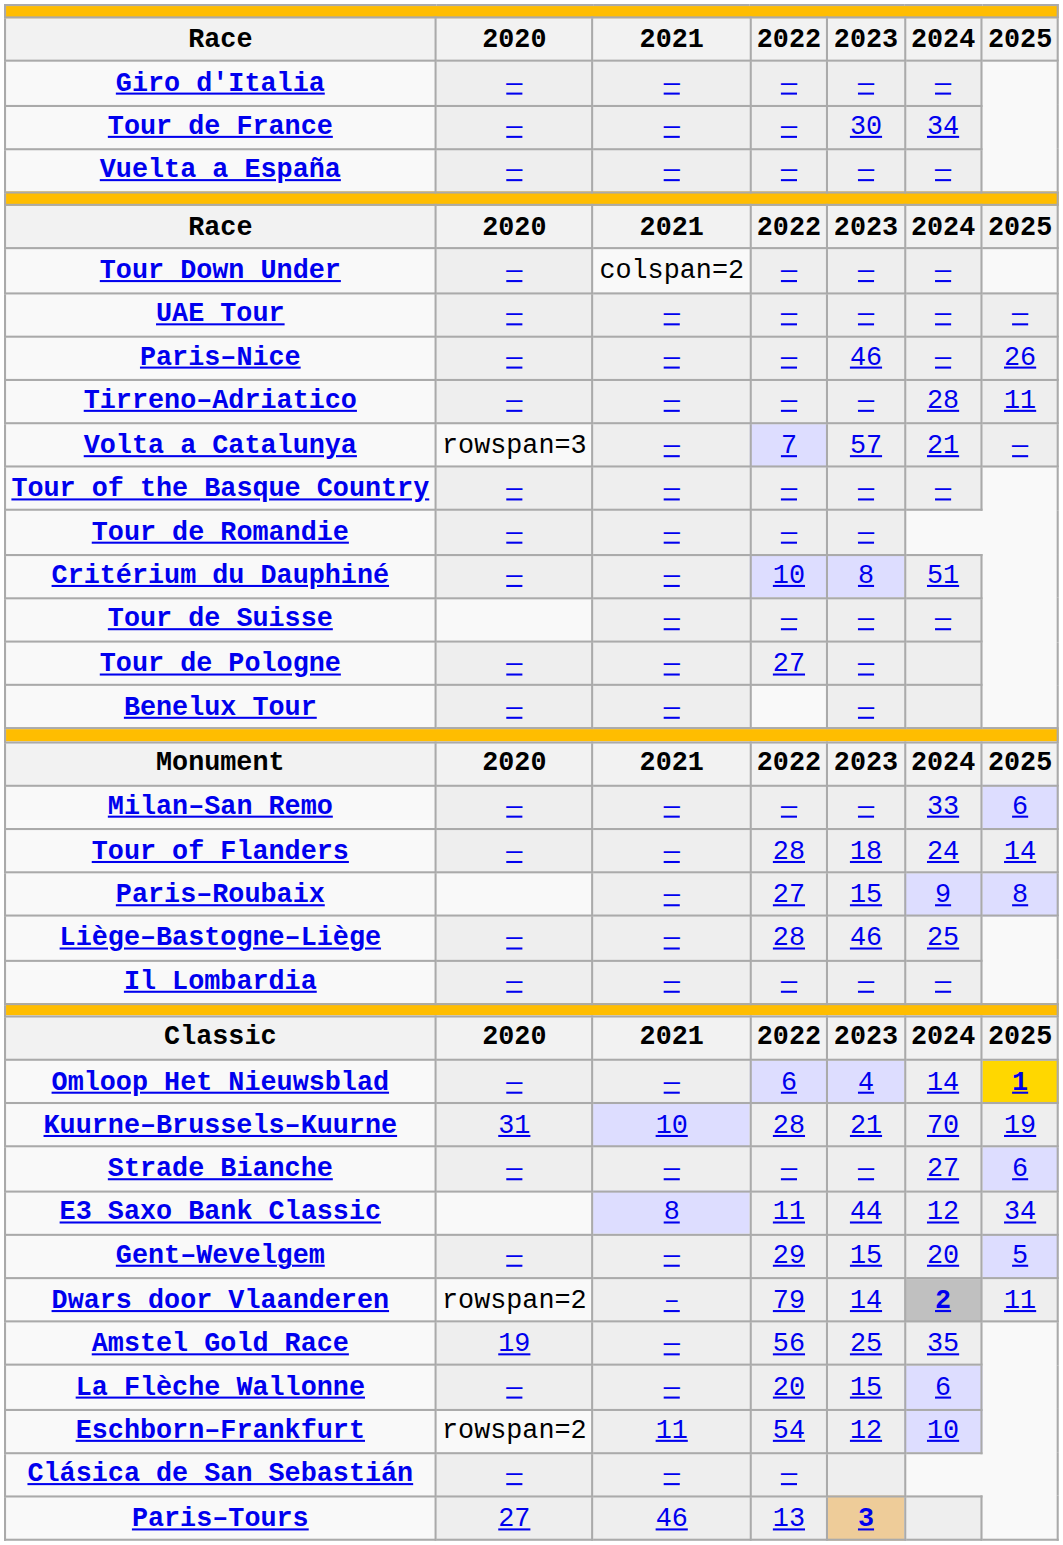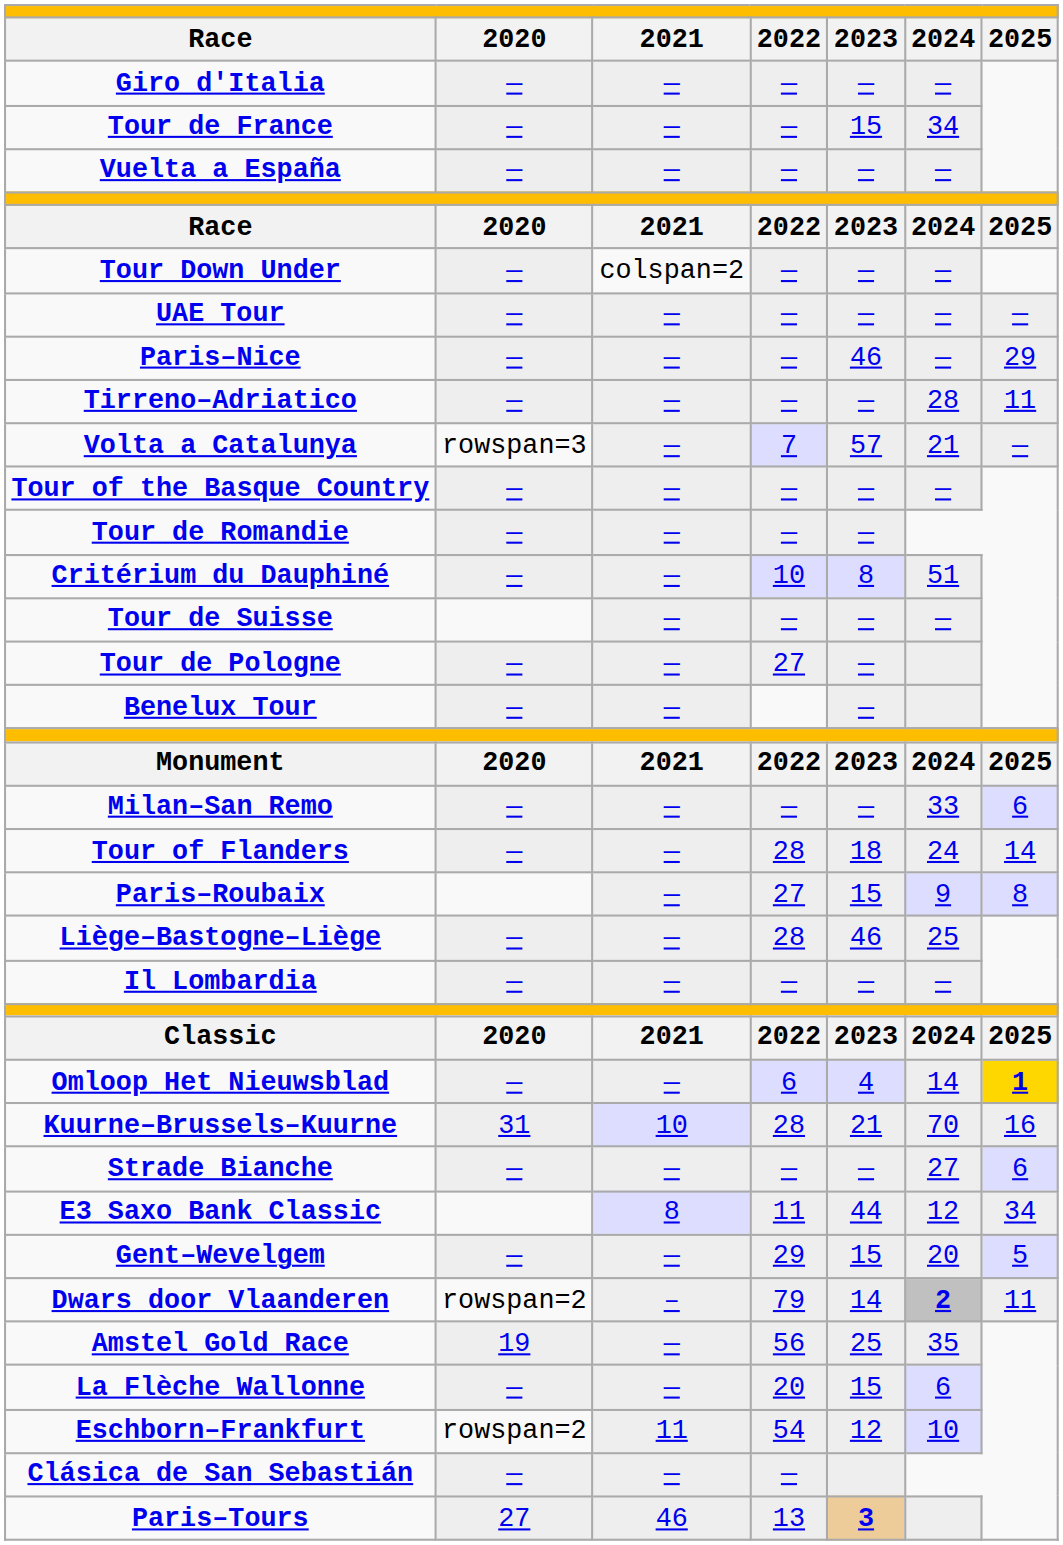 <table class="wikitable">
 <tr style="background:#eee;">
 <td style="background:#ffbd00;" colspan=25><strong></strong></td>
 </tr>
 <tr>
 <th>Race</th>
 <th>2020</th>
 <th>2021</th>
 <th>2022</th>
 <th>2023</th>
 <th>2024</th>
 <th>2025</th>
 </tr>
 <tr align="center">
 <td><strong><a href='#'>Giro d'Italia</a></strong></td>
 <td style="background:#eee;"><a href='#'>—</a></td>
 <td style="background:#eee;"><a href='#'>—</a></td>
 <td style="background:#eee;"><a href='#'>—</a></td>
 <td style="background:#eee;"><a href='#'>—</a></td>
 <td style="background:#eee;"><a href='#'>—</a></td>
 </tr>
 <tr align="center">
 <td><strong><a href='#'>Tour de France</a></strong></td>
 <td style="background:#eee;"><a href='#'>—</a></td>
 <td style="background:#eee;"><a href='#'>—</a></td>
 <td style="background:#eee;"><a href='#'>—</a></td>
-<td style="background:#eee;"><a href='#'>30</a></td>
+<td style="background:#eee;"><a href='#'>15</a></td>
 <td style="background:#eee;"><a href='#'>34</a></td>
 </tr>
 <tr align="center">
 <td><strong><a href='#'>Vuelta a España</a></strong></td>
 <td style="background:#eee;"><a href='#'>—</a></td>
 <td style="background:#eee;"><a href='#'>—</a></td>
 <td style="background:#eee;"><a href='#'>—</a></td>
 <td style="background:#eee;"><a href='#'>—</a></td>
 <td style="background:#eee;"><a href='#'>—</a></td>
 </tr>
 <tr>
 <td style="background:#ffbd00;" colspan=25><strong></strong></td>
 </tr>
 <tr>
 <th>Race</th>
 <th>2020</th>
 <th>2021</th>
 <th>2022</th>
 <th>2023</th>
 <th>2024</th>
 <th>2025</th>
 </tr>
 <tr align="center">
 <td><strong><a href='#'>Tour Down Under</a></strong></td>
 <td style="background:#eee;"><a href='#'>—</a></td>
 <td>colspan=2 </td>
 <td style="background:#eee;"><a href='#'>—</a></td>
 <td style="background:#eee;"><a href='#'>—</a></td>
 <td style="background:#eee;"><a href='#'>—</a></td>
 </tr>
 <tr align="center">
 <td><strong><a href='#'>UAE Tour</a></strong></td>
 <td style="background:#eee;"><a href='#'>—</a></td>
 <td style="background:#eee;"><a href='#'>—</a></td>
 <td style="background:#eee;"><a href='#'>—</a></td>
 <td style="background:#eee;"><a href='#'>—</a></td>
 <td style="background:#eee;"><a href='#'>—</a></td>
 <td style="background:#eee;"><a href='#'>—</a></td>
 </tr>
 <tr align="center">
 <td><strong><a href='#'>Paris–Nice</a></strong></td>
 <td style="background:#eee;"><a href='#'>—</a></td>
 <td style="background:#eee;"><a href='#'>—</a></td>
 <td style="background:#eee;"><a href='#'>—</a></td>
 <td style="background:#eee;"><a href='#'>46</a></td>
 <td style="background:#eee;"><a href='#'>—</a></td>
-<td style="background:#eee;"><a href='#'>26</a></td>
+<td style="background:#eee;"><a href='#'>29</a></td>
 </tr>
 <tr align="center">
 <td><strong><a href='#'>Tirreno–Adriatico</a></strong></td>
 <td style="background:#eee;"><a href='#'>—</a></td>
 <td style="background:#eee;"><a href='#'>—</a></td>
 <td style="background:#eee;"><a href='#'>—</a></td>
 <td style="background:#eee;"><a href='#'>—</a></td>
 <td style="background:#eee;"><a href='#'>28</a></td>
 <td style="background:#eee;"><a href='#'>11</a></td>
 </tr>
 <tr align="center">
 <td><strong><a href='#'>Volta a Catalunya</a></strong></td>
 <td>rowspan=3 </td>
 <td style="background:#eee;"><a href='#'>—</a></td>
 <td style="background:#ddf;"><a href='#'>7</a></td>
 <td style="background:#eee;"><a href='#'>57</a></td>
 <td style="background:#eee;"><a href='#'>21</a></td>
 <td style="background:#eee;"><a href='#'>—</a></td>
 </tr>
 <tr align="center">
 <td><strong><a href='#'>Tour of the Basque Country</a></strong></td>
 <td style="background:#eee;"><a href='#'>—</a></td>
 <td style="background:#eee;"><a href='#'>—</a></td>
 <td style="background:#eee;"><a href='#'>—</a></td>
 <td style="background:#eee;"><a href='#'>—</a></td>
 <td style="background:#eee;"><a href='#'>—</a></td>
 </tr>
 <tr align="center">
 <td><strong><a href='#'>Tour de Romandie</a></strong></td>
 <td style="background:#eee;"><a href='#'>—</a></td>
 <td style="background:#eee;"><a href='#'>—</a></td>
 <td style="background:#eee;"><a href='#'>—</a></td>
 <td style="background:#eee;"><a href='#'>—</a></td>
 </tr>
 <tr align="center">
 <td><strong><a href='#'>Critérium du Dauphiné</a></strong></td>
 <td style="background:#eee;"><a href='#'>—</a></td>
 <td style="background:#eee;"><a href='#'>—</a></td>
 <td style="background:#ddf;"><a href='#'>10</a></td>
 <td style="background:#ddf;"><a href='#'>8</a></td>
 <td style="background:#eee;"><a href='#'>51</a></td>
 </tr>
 <tr align="center">
 <td><strong><a href='#'>Tour de Suisse</a></strong></td>
 <td></td>
 <td style="background:#eee;"><a href='#'>—</a></td>
 <td style="background:#eee;"><a href='#'>—</a></td>
 <td style="background:#eee;"><a href='#'>—</a></td>
 <td style="background:#eee;"><a href='#'>—</a></td>
 </tr>
 <tr align="center">
 <td><strong><a href='#'>Tour de Pologne</a></strong></td>
 <td style="background:#eee;"><a href='#'>—</a></td>
 <td style="background:#eee;"><a href='#'>—</a></td>
 <td style="background:#eee;"><a href='#'>27</a></td>
 <td style="background:#eee;"><a href='#'>—</a></td>
 <td style="background:#eee;"><a href='#'></a></td>
 </tr>
 <tr align="center">
 <td><strong><a href='#'>Benelux Tour</a></strong></td>
 <td style="background:#eee;"><a href='#'>—</a></td>
 <td style="background:#eee;"><a href='#'>—</a></td>
 <td></td>
 <td style="background:#eee;"><a href='#'>—</a></td>
 <td style="background:#eee;"><a href='#'></a></td>
 </tr>
 <tr>
 <td style="background:#ffbd00;" colspan=25><strong></strong></td>
 </tr>
 <tr>
 <th>Monument</th>
 <th>2020</th>
 <th>2021</th>
 <th>2022</th>
 <th>2023</th>
 <th>2024</th>
 <th>2025</th>
 </tr>
 <tr align="center">
 <td><strong><a href='#'>Milan–San Remo</a></strong></td>
 <td style="background:#eee;"><a href='#'>—</a></td>
 <td style="background:#eee;"><a href='#'>—</a></td>
 <td style="background:#eee;"><a href='#'>—</a></td>
 <td style="background:#eee;"><a href='#'>—</a></td>
 <td style="background:#eee;"><a href='#'>33</a></td>
 <td style="background:#ddf"><a href='#'>6</a></td>
 </tr>
 <tr align="center">
 <td><strong><a href='#'>Tour of Flanders</a></strong></td>
 <td style="background:#eee;"><a href='#'>—</a></td>
 <td style="background:#eee;"><a href='#'>—</a></td>
 <td style="background:#eee;"><a href='#'>28</a></td>
 <td style="background:#eee;"><a href='#'>18</a></td>
 <td style="background:#eee;"><a href='#'>24</a></td>
 <td style="background:#eee;"><a href='#'>14</a></td>
 </tr>
 <tr align="center">
 <td><strong><a href='#'>Paris–Roubaix</a></strong></td>
 <td></td>
 <td style="background:#eee;"><a href='#'>—</a></td>
 <td style="background:#eee;"><a href='#'>27</a></td>
 <td style="background:#eee;"><a href='#'>15</a></td>
 <td style="background:#ddf;"><a href='#'>9</a></td>
 <td style="background:#ddf;"><a href='#'>8</a></td>
 </tr>
 <tr align="center">
 <td><strong><a href='#'>Liège–Bastogne–Liège</a></strong></td>
 <td style="background:#eee;"><a href='#'>—</a></td>
 <td style="background:#eee;"><a href='#'>—</a></td>
 <td style="background:#eee;"><a href='#'>28</a></td>
 <td style="background:#eee;"><a href='#'>46</a></td>
 <td style="background:#eee;"><a href='#'>25</a></td>
 </tr>
 <tr align="center">
 <td><strong><a href='#'>Il Lombardia</a></strong></td>
 <td style="background:#eee;"><a href='#'>—</a></td>
 <td style="background:#eee;"><a href='#'>—</a></td>
 <td style="background:#eee;"><a href='#'>—</a></td>
 <td style="background:#eee;"><a href='#'>—</a></td>
 <td style="background:#eee;"><a href='#'>—</a></td>
 </tr>
 <tr>
 <td style="background:#ffbd00;" colspan=25><strong></strong></td>
 </tr>
 <tr>
 <th>Classic</th>
 <th>2020</th>
 <th>2021</th>
 <th>2022</th>
 <th>2023</th>
 <th>2024</th>
 <th>2025</th>
 </tr>
 <tr align="center">
 <td><strong><a href='#'>Omloop Het Nieuwsblad</a></strong></td>
 <td style="background:#eee;"><a href='#'>—</a></td>
 <td style="background:#eee;"><a href='#'>—</a></td>
 <td style="background:#ddf;"><a href='#'>6</a></td>
 <td style="background:#ddf;"><a href='#'>4</a></td>
 <td style="background:#eee;"><a href='#'>14</a></td>
 <td style="background:#FFD700;"><a href='#'><strong>1</strong></a></td>
 </tr>
 <tr align="center">
 <td><strong><a href='#'>Kuurne–Brussels–Kuurne</a></strong></td>
 <td style="background:#eee;"><a href='#'>31</a></td>
 <td style="background:#ddf;"><a href='#'>10</a></td>
 <td style="background:#eee;"><a href='#'>28</a></td>
 <td style="background:#eee;"><a href='#'>21</a></td>
 <td style="background:#eee;"><a href='#'>70</a></td>
-<td style="background:#eee;"><a href='#'>19</a></td>
+<td style="background:#eee;"><a href='#'>16</a></td>
 </tr>
 <tr align="center">
 <td><strong><a href='#'>Strade Bianche</a></strong></td>
 <td style="background:#eee;"><a href='#'>—</a></td>
 <td style="background:#eee;"><a href='#'>—</a></td>
 <td style="background:#eee;"><a href='#'>—</a></td>
 <td style="background:#eee;"><a href='#'>—</a></td>
 <td style="background:#eee;"><a href='#'>27</a></td>
 <td style="background:#ddf;"><a href='#'>6</a></td>
 </tr>
 <tr align="center">
 <td><strong><a href='#'>E3 Saxo Bank Classic</a></strong></td>
 <td></td>
 <td style="background:#ddf;"><a href='#'>8</a></td>
 <td style="background:#eee;"><a href='#'>11</a></td>
 <td style="background:#eee;"><a href='#'>44</a></td>
 <td style="background:#eee;"><a href='#'>12</a></td>
 <td style="background:#eee;"><a href='#'>34</a></td>
 </tr>
 <tr align="center">
 <td><strong><a href='#'>Gent–Wevelgem</a></strong></td>
 <td style="background:#eee;"><a href='#'>—</a></td>
 <td style="background:#eee;"><a href='#'>—</a></td>
 <td style="background:#eee;"><a href='#'>29</a></td>
 <td style="background:#eee;"><a href='#'>15</a></td>
 <td style="background:#eee;"><a href='#'>20</a></td>
 <td style="background:#ddf;"><a href='#'>5</a></td>
 </tr>
 <tr align="center">
 <td><strong><a href='#'>Dwars door Vlaanderen</a></strong></td>
 <td>rowspan=2 </td>
 <td style="background:#eee;"><a href='#'>–</a></td>
 <td style="background:#eee;"><a href='#'>79</a></td>
 <td style="background:#eee;"><a href='#'>14</a></td>
 <td style="background:#C0C0C0;"><a href='#'><strong>2</strong></a></td>
 <td style="background:#eee;"><a href='#'>11</a></td>
 </tr>
 <tr align="center">
 <td><strong><a href='#'>Amstel Gold Race</a></strong></td>
 <td style="background:#eee;"><a href='#'>19</a></td>
 <td style="background:#eee;"><a href='#'>—</a></td>
 <td style="background:#eee;"><a href='#'>56</a></td>
 <td style="background:#eee;"><a href='#'>25</a></td>
 <td style="background:#eee;"><a href='#'>35</a></td>
 </tr>
 <tr align="center">
 <td><strong><a href='#'>La Flèche Wallonne</a></strong></td>
 <td style="background:#eee;"><a href='#'>—</a></td>
 <td style="background:#eee;"><a href='#'>—</a></td>
 <td style="background:#eee;"><a href='#'>20</a></td>
 <td style="background:#eee;"><a href='#'>15</a></td>
 <td style="background:#ddf;"><a href='#'>6</a></td>
 </tr>
 <tr align="center">
 <td><strong><a href='#'>Eschborn–Frankfurt</a></strong></td>
 <td>rowspan=2 </td>
 <td style="background:#eee;"><a href='#'>11</a></td>
 <td style="background:#eee;"><a href='#'>54</a></td>
 <td style="background:#eee;"><a href='#'>12</a></td>
 <td style="background:#ddf;"><a href='#'>10</a></td>
 </tr>
 <tr align="center">
 <td><strong><a href='#'>Clásica de San Sebastián</a></strong></td>
 <td style="background:#eee;"><a href='#'>—</a></td>
 <td style="background:#eee;"><a href='#'>—</a></td>
 <td style="background:#eee;"><a href='#'>—</a></td>
 <td style="background:#eee;"><a href='#'></a></td>
 </tr>
 <tr align="center">
 <td><strong><a href='#'>Paris–Tours</a></strong></td>
 <td style="background:#eee;"><a href='#'>27</a></td>
 <td style="background:#eee;"><a href='#'>46</a></td>
 <td style="background:#eee;"><a href='#'>13</a></td>
 <td style="background:#ec9;"><a href='#'><strong>3</strong></a></td>
 <td style="background:#eee;"><a href='#'></a></td>
 </tr>
 </table>
